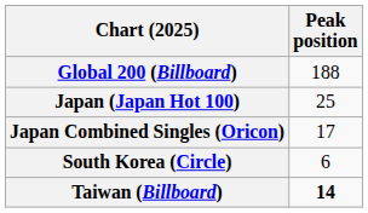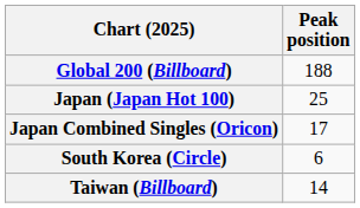 <table class="wikitable sortable plainrowheaders" style="text-align:center">
 <tr>
 <th scope="col">Chart (2025)</th>
 <th scope="col">Peak<br>position</th>
 </tr>
 <tr>
 <th scope="row"><a href='#'>Global 200</a> (<em><a href='#'>Billboard</a></em>)</th>
 <td>188</td>
 </tr>
 <tr>
 <th scope="row">Japan (<a href='#'>Japan Hot 100</a>)</th>
 <td>25</td>
 </tr>
 <tr>
 <th scope="row">Japan Combined Singles (<a href='#'>Oricon</a>)</th>
 <td>17</td>
 </tr>
 <tr>
 <th scope="row">South Korea (<a href='#'>Circle</a>)</th>
 <td>6</td>
 </tr>
 <tr>
 <th scope="row">Taiwan (<em><a href='#'>Billboard</a></em>)</th>
-<td><strong>14</strong></td>
+<td>14</td>
 </tr>
 </table>
